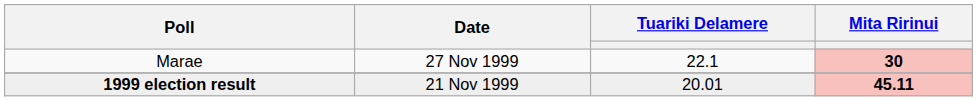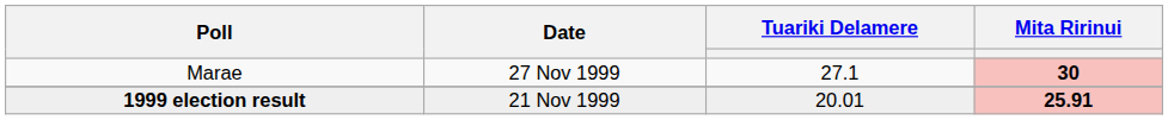 <table class="wikitable" style="width:850px;font-size:90%;line-height:14px;text-align:center;">
 <tr style="height:32px">
 <th style="width:300px;" rowspan="2">Poll</th>
 <th style="width:200px;" rowspan="2">Date</th>
 <th><a href='#'>Tuariki Delamere</a></th>
 <th><a href='#'>Mita Ririnui</a></th>
 </tr>
 <tr>
 <th class="unsortable" style="color:inherit;background:"></th>
 <th class="unsortable" style="color:inherit;background:"></th>
 </tr>
 <tr>
 <td>Marae</td>
 <td>27 Nov 1999</td>
-<td>22.1</td>
+<td>27.1</td>
 <td style="background:#F8C1BE"><strong>30</strong></td>
 </tr>
 <tr>
 </tr>
 <tr style="background:#EFEFEF; font-weight:italic;">
 <td><strong>1999 election result</strong></td>
 <td>21 Nov 1999</td>
 <td>20.01</td>
-<td style="background:#F8C1BE"><strong>45.11</strong></td>
+<td style="background:#F8C1BE"><strong>25.91</strong></td>
 </tr>
 </table>
